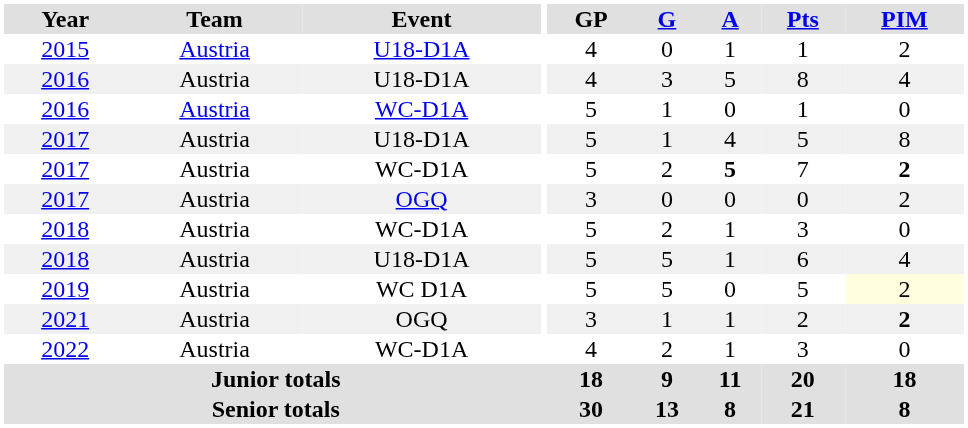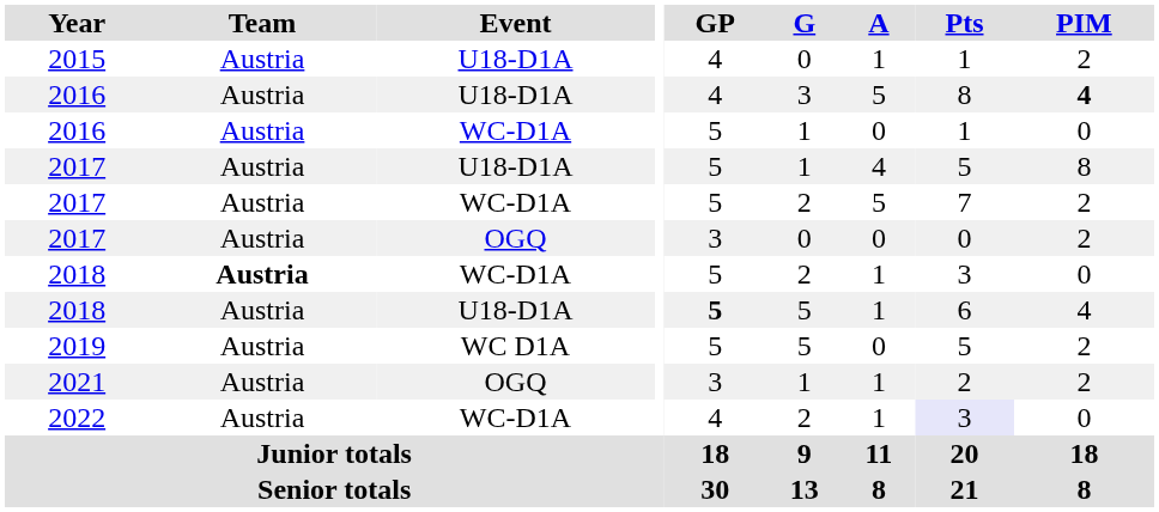 <table border="0" cellpadding="1" cellspacing="0" ID="Table3" style="text-align:center; width:40em;">
 <tr bgcolor="#e0e0e0">
 <th>Year</th>
 <th>Team</th>
 <th>Event</th>
 <th rowspan="104" bgcolor="#ffffff"></th>
 <th>GP</th>
 <th><a href='#'>G</a></th>
 <th><a href='#'>A</a></th>
 <th><a href='#'>Pts</a></th>
 <th><a href='#'>PIM</a></th>
 </tr>
 <tr>
 <td><a href='#'>2015</a></td>
 <td><a href='#'>Austria</a></td>
 <td><a href='#'>U18-D1A</a></td>
 <td>4</td>
 <td>0</td>
 <td>1</td>
 <td>1</td>
 <td>2</td>
 </tr>
 <tr bgcolor="#f0f0f0">
 <td><a href='#'>2016</a></td>
 <td>Austria</td>
 <td>U18-D1A</td>
 <td>4</td>
 <td>3</td>
 <td>5</td>
 <td>8</td>
-<td>4</td>
+<td><strong>4</strong></td>
 </tr>
 <tr>
 <td><a href='#'>2016</a></td>
 <td><a href='#'>Austria</a></td>
 <td><a href='#'>WC-D1A</a></td>
 <td>5</td>
 <td>1</td>
 <td>0</td>
 <td>1</td>
 <td>0</td>
 </tr>
 <tr bgcolor="#f0f0f0">
 <td><a href='#'>2017</a></td>
 <td>Austria</td>
 <td>U18-D1A</td>
 <td>5</td>
 <td>1</td>
 <td>4</td>
 <td>5</td>
 <td>8</td>
 </tr>
 <tr>
 <td><a href='#'>2017</a></td>
 <td>Austria</td>
 <td>WC-D1A</td>
 <td>5</td>
 <td>2</td>
-<td><strong>5</strong></td>
+<td>5</td>
 <td>7</td>
-<td><strong>2</strong></td>
+<td>2</td>
 </tr>
 <tr bgcolor="#f0f0f0">
 <td><a href='#'>2017</a></td>
 <td>Austria</td>
 <td><a href='#'>OGQ</a></td>
 <td>3</td>
 <td>0</td>
 <td>0</td>
 <td>0</td>
 <td>2</td>
 </tr>
 <tr>
 <td><a href='#'>2018</a></td>
-<td>Austria</td>
+<td><strong>Austria</strong></td>
 <td>WC-D1A</td>
 <td>5</td>
 <td>2</td>
 <td>1</td>
 <td>3</td>
 <td>0</td>
 </tr>
 <tr bgcolor="#f0f0f0">
 <td><a href='#'>2018</a></td>
 <td>Austria</td>
 <td>U18-D1A</td>
-<td>5</td>
+<td><strong>5</strong></td>
 <td>5</td>
 <td>1</td>
 <td>6</td>
 <td>4</td>
 </tr>
 <tr>
 <td><a href='#'>2019</a></td>
 <td>Austria</td>
 <td>WC D1A</td>
 <td>5</td>
 <td>5</td>
 <td>0</td>
 <td>5</td>
-<td style="background: lightyellow;">2</td>
+<td>2</td>
 </tr>
 <tr bgcolor="#f0f0f0">
 <td><a href='#'>2021</a></td>
 <td>Austria</td>
 <td>OGQ</td>
 <td>3</td>
 <td>1</td>
 <td>1</td>
 <td>2</td>
-<td><strong>2</strong></td>
+<td>2</td>
 </tr>
 <tr>
 <td><a href='#'>2022</a></td>
 <td>Austria</td>
 <td>WC-D1A</td>
 <td>4</td>
 <td>2</td>
 <td>1</td>
-<td>3</td>
+<td style="background: lavender;">3</td>
 <td>0</td>
 </tr>
 <tr bgcolor="#e0e0e0">
 <th colspan="4">Junior totals</th>
 <th>18</th>
 <th>9</th>
 <th>11</th>
 <th>20</th>
 <th>18</th>
 </tr>
 <tr bgcolor="#e0e0e0">
 <th colspan="4">Senior totals</th>
 <th>30</th>
 <th>13</th>
 <th>8</th>
 <th>21</th>
 <th>8</th>
 </tr>
 </table>
